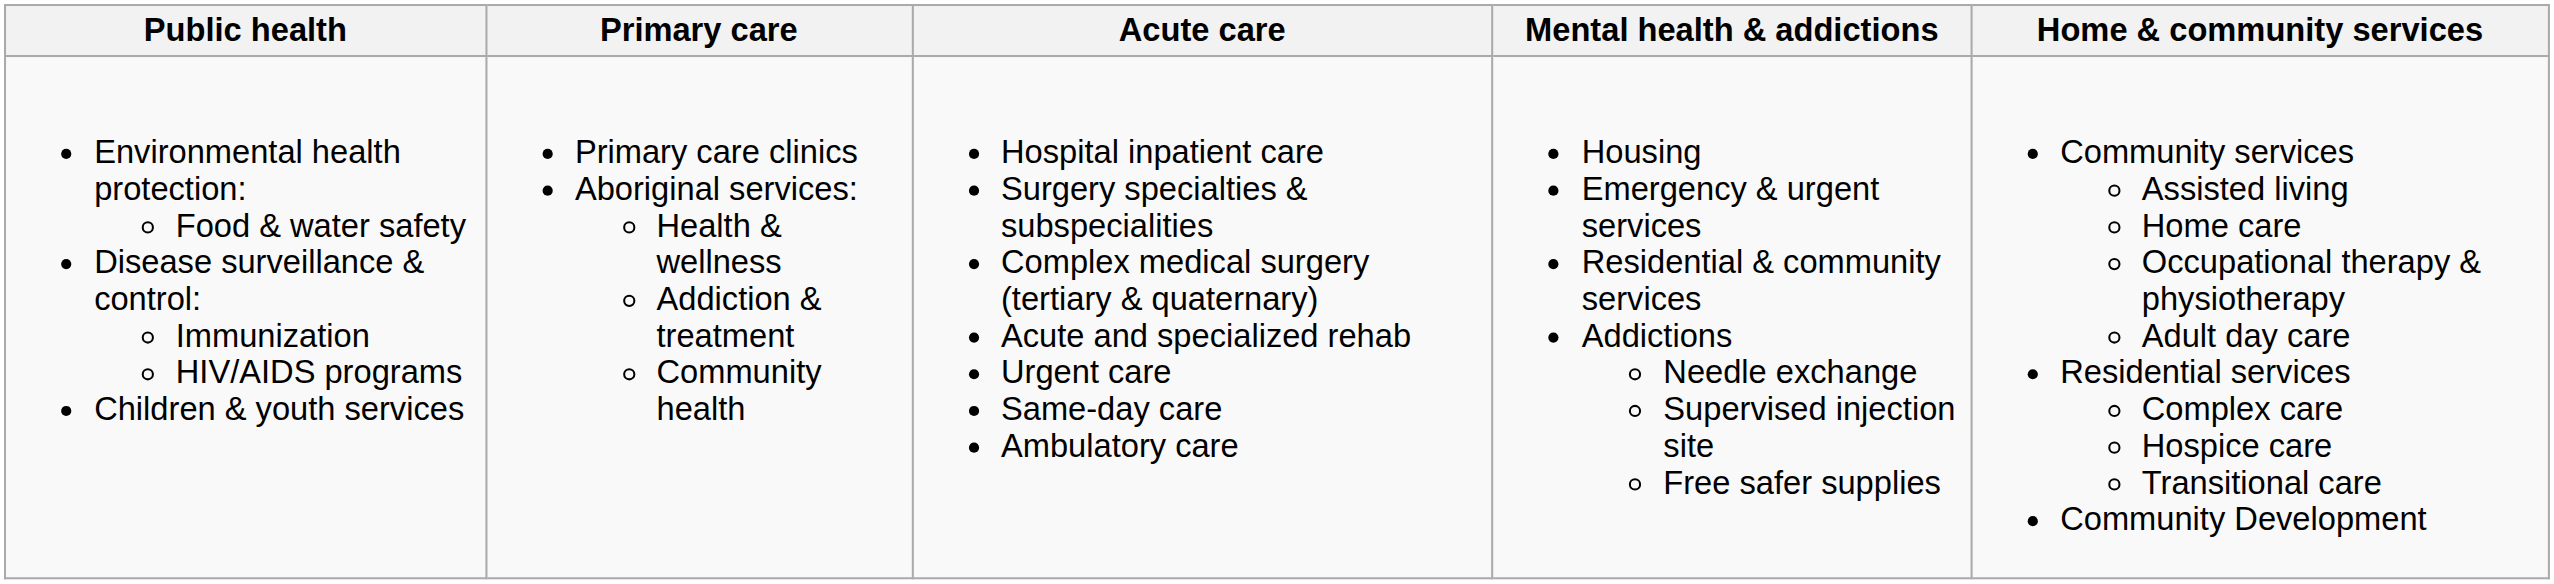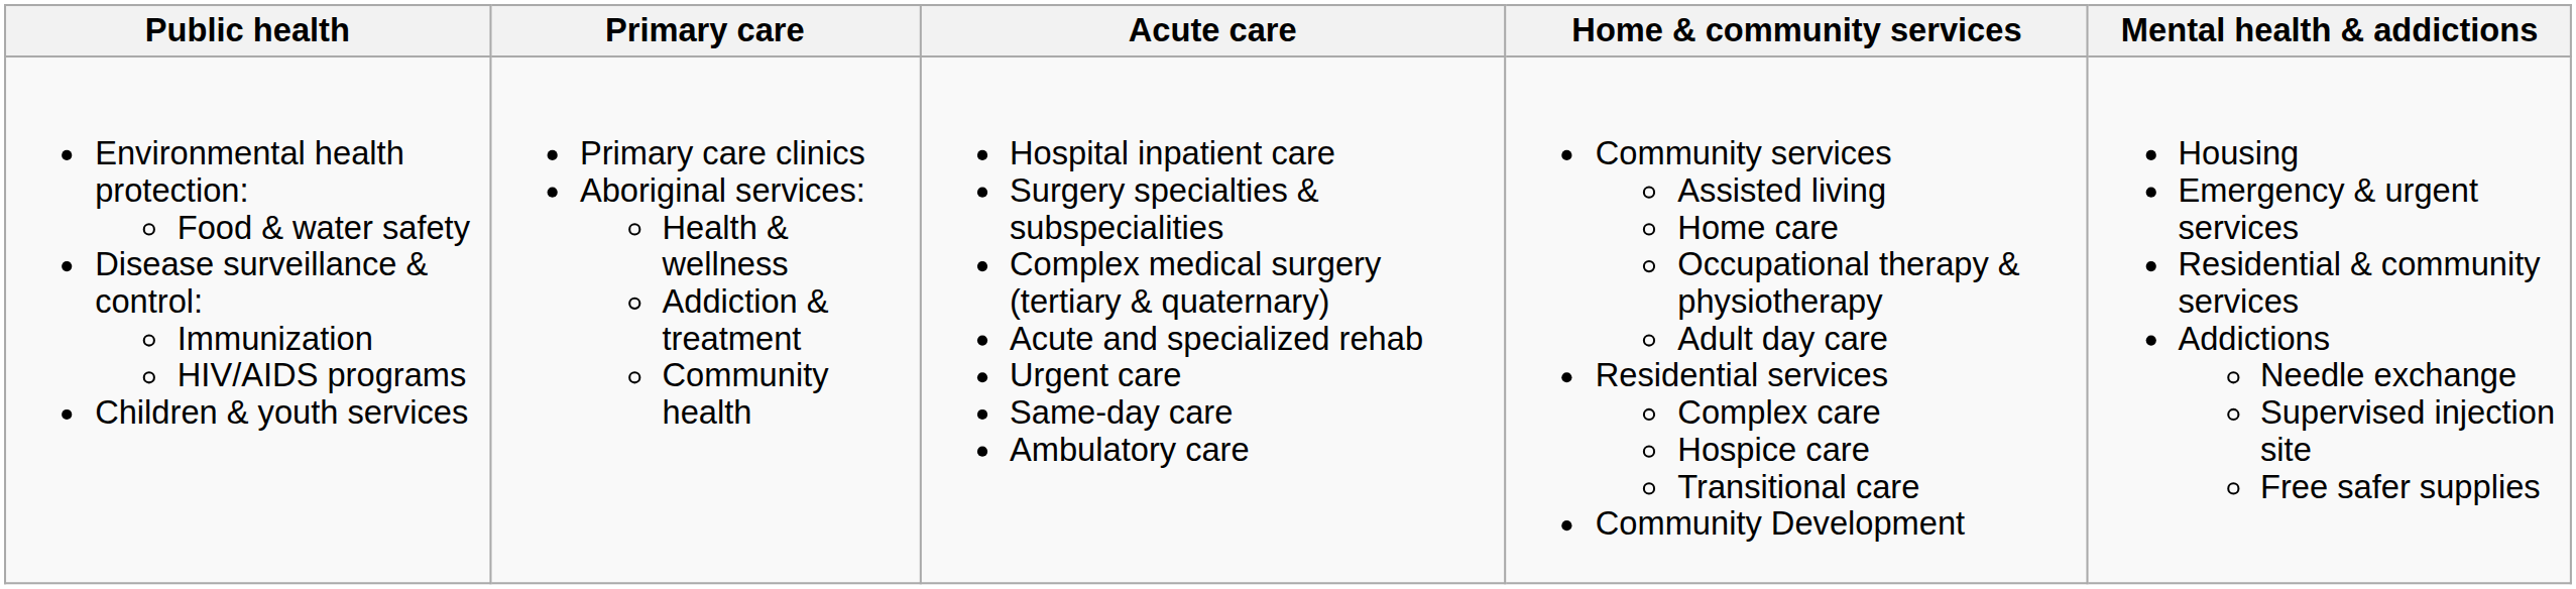 <table class="wikitable" border="1">
 <tr>
 <th>Public health</th>
 <th>Primary care</th>
 <th>Acute care</th>
+<th>Home & community services</th>
 <th>Mental health & addictions</th>
-<th>Home & community services</th>
 </tr>
 <tr valign="top">
 <td><br><ul><li>Environmental health protection:<ul><li>Food & water safety</li></ul></li><li>Disease surveillance & control:<ul><li>Immunization</li><li>HIV/AIDS programs</li></ul></li><li>Children & youth services</li></ul></td>
 <td><br><ul><li>Primary care clinics</li><li>Aboriginal services:<ul><li>Health & wellness</li><li>Addiction & treatment</li><li>Community health</li></ul></li></ul></td>
 <td><br><ul><li>Hospital inpatient care</li><li>Surgery specialties & subspecialities</li><li>Complex medical surgery (tertiary & quaternary)</li><li>Acute and specialized rehab</li><li>Urgent care</li><li>Same-day care</li><li>Ambulatory care</li></ul></td>
+<td><br><ul><li>Community services<ul><li>Assisted living</li><li>Home care</li><li>Occupational therapy & physiotherapy</li><li>Adult day care</li></ul></li><li>Residential services<ul><li>Complex care</li><li>Hospice care</li><li>Transitional care</li></ul></li><li>Community Development</li></ul></td>
 <td><br><ul><li>Housing</li><li>Emergency & urgent services</li><li>Residential & community services</li><li>Addictions<ul><li>Needle exchange</li><li>Supervised injection site</li><li>Free safer supplies</li></ul></li></ul></td>
-<td><br><ul><li>Community services<ul><li>Assisted living</li><li>Home care</li><li>Occupational therapy & physiotherapy</li><li>Adult day care</li></ul></li><li>Residential services<ul><li>Complex care</li><li>Hospice care</li><li>Transitional care</li></ul></li><li>Community Development</li></ul></td>
 </tr>
 </table>
